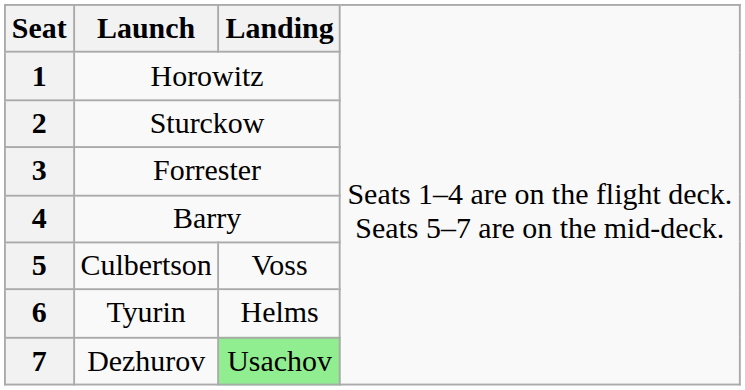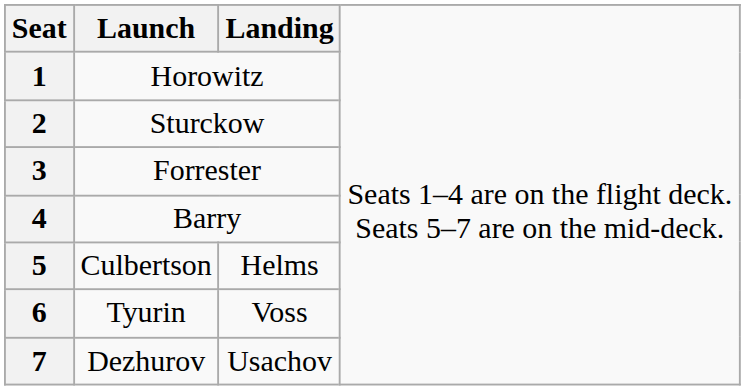 <table class="wikitable" style="text-align:center">
 <tr>
 <th>Seat</th>
 <th>Launch</th>
 <th>Landing</th>
 <td rowspan=8><br>Seats 1–4 are on the flight deck.<br>Seats 5–7 are on the mid-deck.</td>
 </tr>
 <tr>
 <th>1</th>
 <td colspan=2>Horowitz</td>
 </tr>
 <tr>
 <th>2</th>
 <td colspan=2>Sturckow</td>
 </tr>
 <tr>
 <th>3</th>
 <td colspan=2>Forrester</td>
 </tr>
 <tr>
 <th>4</th>
 <td colspan=2>Barry</td>
 </tr>
 <tr>
 <th>5</th>
 <td>Culbertson</td>
-<td>Voss</td>
+<td>Helms</td>
 </tr>
 <tr>
 <th>6</th>
 <td>Tyurin</td>
-<td>Helms</td>
+<td>Voss</td>
 </tr>
 <tr>
 <th>7</th>
 <td>Dezhurov</td>
-<td style="background: lightgreen;">Usachov</td>
+<td>Usachov</td>
 </tr>
 </table>
